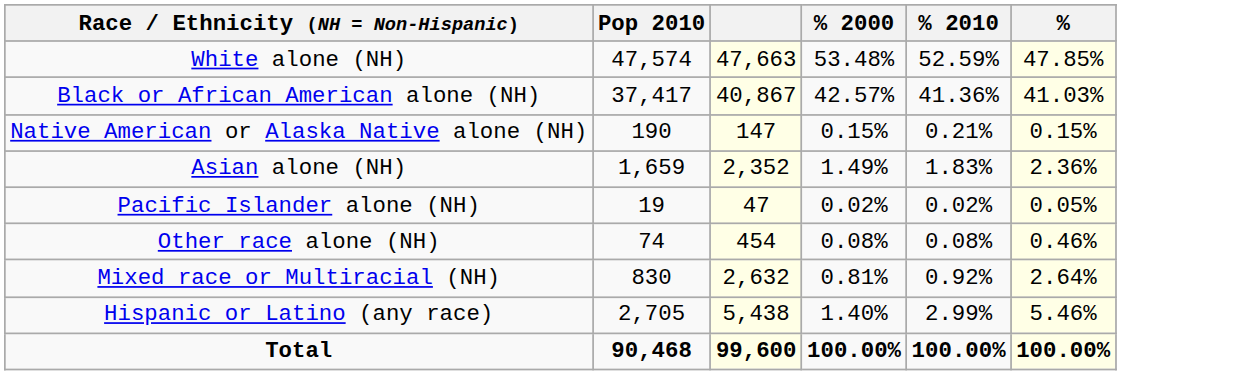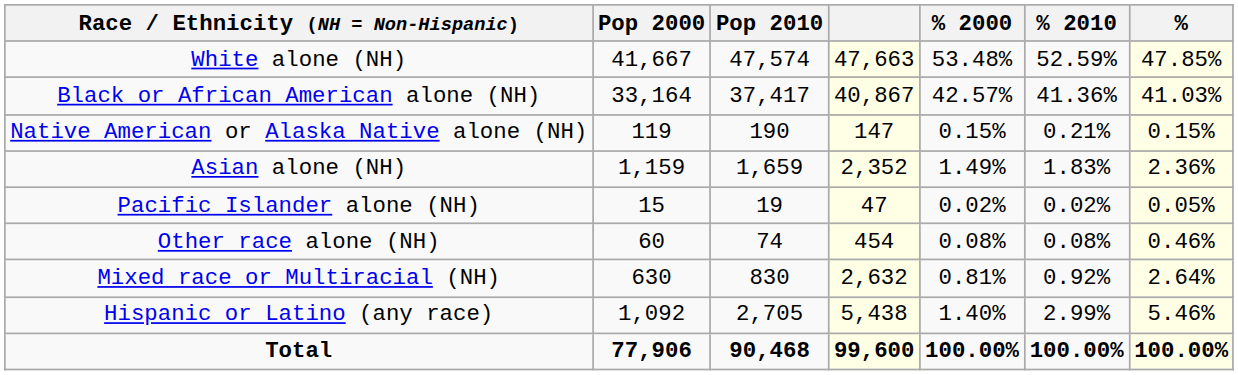 <table class="wikitable" style="text-align:center;">
 <tr>
 <th>Race / Ethnicity <small>(<em>NH = Non-Hispanic</em>)</small></th>
+<th>Pop 2000</th>
 <th>Pop 2010</th>
 <th></th>
 <th>% 2000</th>
 <th>% 2010</th>
 <th>% </th>
 </tr>
 <tr>
 <td><a href='#'>White</a> alone (NH)</td>
+<td>41,667</td>
 <td>47,574</td>
 <td style='background: #ffffe6;'>47,663</td>
 <td>53.48%</td>
 <td>52.59%</td>
 <td style='background: #ffffe6;'>47.85%</td>
 </tr>
 <tr>
 <td><a href='#'>Black or African American</a> alone (NH)</td>
+<td>33,164</td>
 <td>37,417</td>
 <td style='background: #ffffe6;'>40,867</td>
 <td>42.57%</td>
 <td>41.36%</td>
 <td style='background: #ffffe6;'>41.03%</td>
 </tr>
 <tr>
 <td><a href='#'>Native American</a> or <a href='#'>Alaska Native</a> alone (NH)</td>
+<td>119</td>
 <td>190</td>
 <td style='background: #ffffe6;'>147</td>
 <td>0.15%</td>
 <td>0.21%</td>
 <td style='background: #ffffe6;'>0.15%</td>
 </tr>
 <tr>
 <td><a href='#'>Asian</a> alone (NH)</td>
+<td>1,159</td>
 <td>1,659</td>
 <td style='background: #ffffe6;'>2,352</td>
 <td>1.49%</td>
 <td>1.83%</td>
 <td style='background: #ffffe6;'>2.36%</td>
 </tr>
 <tr>
 <td><a href='#'>Pacific Islander</a> alone (NH)</td>
+<td>15</td>
 <td>19</td>
 <td style='background: #ffffe6;'>47</td>
 <td>0.02%</td>
 <td>0.02%</td>
 <td style='background: #ffffe6;'>0.05%</td>
 </tr>
 <tr>
 <td><a href='#'>Other race</a> alone (NH)</td>
+<td>60</td>
 <td>74</td>
 <td style='background: #ffffe6;'>454</td>
 <td>0.08%</td>
 <td>0.08%</td>
 <td style='background: #ffffe6;'>0.46%</td>
 </tr>
 <tr>
 <td><a href='#'>Mixed race or Multiracial</a> (NH)</td>
+<td>630</td>
 <td>830</td>
 <td style='background: #ffffe6;'>2,632</td>
 <td>0.81%</td>
 <td>0.92%</td>
 <td style='background: #ffffe6;'>2.64%</td>
 </tr>
 <tr>
 <td><a href='#'>Hispanic or Latino</a> (any race)</td>
+<td>1,092</td>
 <td>2,705</td>
 <td style='background: #ffffe6;'>5,438</td>
 <td>1.40%</td>
 <td>2.99%</td>
 <td style='background: #ffffe6;'>5.46%</td>
 </tr>
 <tr>
 <td><strong>Total</strong></td>
+<td><strong>77,906</strong></td>
 <td><strong>90,468</strong></td>
 <td style='background: #ffffe6;'><strong>99,600</strong></td>
 <td><strong>100.00%</strong></td>
 <td><strong>100.00%</strong></td>
 <td style='background: #ffffe6;'><strong>100.00%</strong></td>
 </tr>
 </table>
